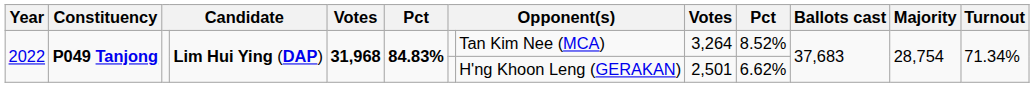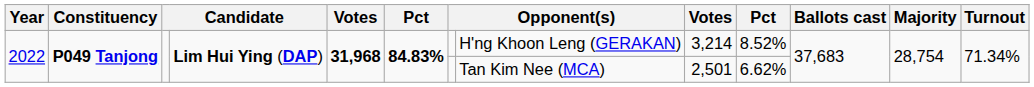 <table class="wikitable" style="margin:0.5em ; font-size:95%">
 <tr>
 <th>Year</th>
 <th>Constituency</th>
 <th colspan=2>Candidate</th>
 <th>Votes</th>
 <th>Pct</th>
 <th colspan=2>Opponent(s)</th>
 <th>Votes</th>
 <th>Pct</th>
 <th>Ballots cast</th>
 <th>Majority</th>
 <th>Turnout</th>
 </tr>
 <tr>
 <td rowspan=2><a href='#'>2022</a></td>
 <td rowspan="2"><strong>P049 <a href='#'>Tanjong</a></strong></td>
 <td rowspan=2 ></td>
 <td rowspan=2><strong>Lim Hui Ying</strong> (<a href='#'><strong>DAP</strong></a>)</td>
 <td rowspan=2 align="right"><strong>31,968</strong></td>
 <td rowspan=2><strong>84.83%</strong></td>
 <td></td>
-<td>Tan Kim Nee (<a href='#'>MCA</a>)</td>
-<td align="right">3,264</td>
+<td>H'ng Khoon Leng (<a href='#'>GERAKAN</a>)</td>
+<td align="right">3,214</td>
 <td align="right">8.52%</td>
 <td rowspan=2>37,683</td>
 <td rowspan=2>28,754</td>
 <td rowspan=2>71.34%</td>
 </tr>
 <tr>
 <td bgcolor=></td>
-<td>H'ng Khoon Leng (<a href='#'>GERAKAN</a>)</td>
+<td>Tan Kim Nee (<a href='#'>MCA</a>)</td>
 <td align="right">2,501</td>
 <td align="right">6.62%</td>
 </tr>
 </table>
